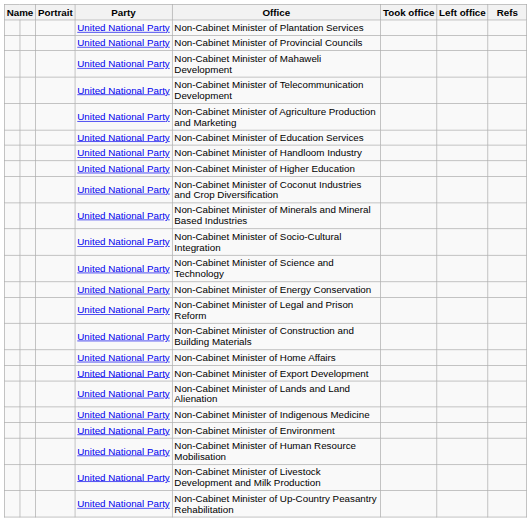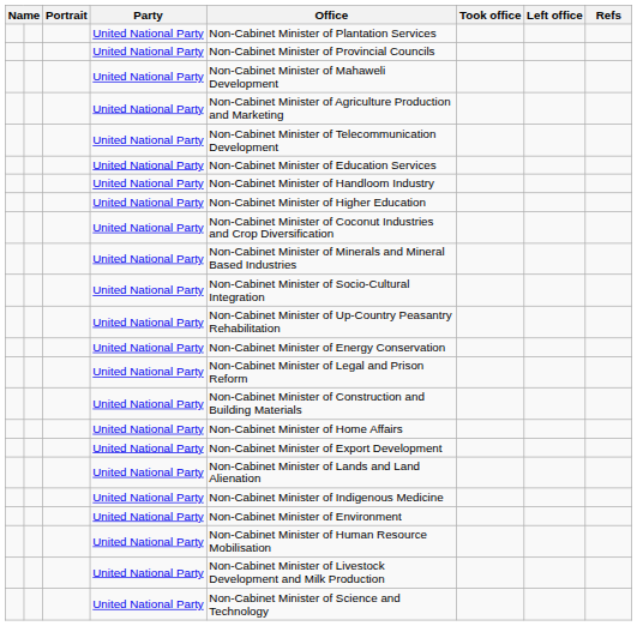 <table class="wikitable plainrowheaders sortable" style="font-size:90%; text-align:left;">
 <tr>
 <th scope=col colspan="2">Name</th>
 <th scope=col class=unsortable>Portrait</th>
 <th scope=col>Party</th>
 <th scope=col width=300px>Office</th>
 <th scope=col>Took office</th>
 <th scope=col>Left office</th>
 <th scope=col width=50px class=unsortable>Refs</th>
 </tr>
 <tr>
 <td !align="center" style="background:"></td>
 <td></td>
 <td align=center></td>
 <td><a href='#'>United National Party</a></td>
 <td>Non-Cabinet Minister of Plantation Services</td>
 <td align=center></td>
 <td></td>
 <td align=center></td>
 </tr>
 <tr>
 <td !align="center" style="background:"></td>
 <td></td>
 <td align=center></td>
 <td><a href='#'>United National Party</a></td>
 <td>Non-Cabinet Minister of Provincial Councils</td>
 <td align=center></td>
 <td></td>
 <td align=center></td>
 </tr>
 <tr>
 <td !align="center" style="background:"></td>
 <td></td>
 <td align=center></td>
 <td><a href='#'>United National Party</a></td>
 <td>Non-Cabinet Minister of Mahaweli Development</td>
 <td align=center></td>
 <td align=center></td>
 <td align=center></td>
 </tr>
 <tr>
 <td !align="center" style="background:"></td>
 <td></td>
 <td align=center></td>
 <td><a href='#'>United National Party</a></td>
-<td>Non-Cabinet Minister of Telecommunication Development</td>
+<td>Non-Cabinet Minister of Agriculture Production and Marketing</td>
 <td align=center></td>
 <td></td>
 <td align=center></td>
 </tr>
 <tr>
 <td !align="center" style="background:"></td>
 <td></td>
 <td align=center></td>
 <td><a href='#'>United National Party</a></td>
-<td>Non-Cabinet Minister of Agriculture Production and Marketing</td>
+<td>Non-Cabinet Minister of Telecommunication Development</td>
 <td align=center></td>
 <td></td>
 <td align=center></td>
 </tr>
 <tr>
 <td !align="center" style="background:"></td>
 <td></td>
 <td align=center></td>
 <td><a href='#'>United National Party</a></td>
 <td>Non-Cabinet Minister of Education Services</td>
 <td align=center></td>
 <td></td>
 <td align=center></td>
 </tr>
 <tr>
 <td !align="center" style="background:"></td>
 <td></td>
 <td align=center></td>
 <td><a href='#'>United National Party</a></td>
 <td>Non-Cabinet Minister of Handloom Industry</td>
 <td align=center></td>
 <td></td>
 <td align=center></td>
 </tr>
 <tr>
 <td !align="center" style="background:"></td>
 <td></td>
 <td align=center></td>
 <td><a href='#'>United National Party</a></td>
 <td>Non-Cabinet Minister of Higher Education</td>
 <td align=center></td>
 <td></td>
 <td align=center></td>
 </tr>
 <tr>
 <td !align="center" style="background:"></td>
 <td></td>
 <td align=center></td>
 <td><a href='#'>United National Party</a></td>
 <td>Non-Cabinet Minister of Coconut Industries and Crop Diversification</td>
 <td align=center></td>
 <td></td>
 <td align=center></td>
 </tr>
 <tr>
 <td !align="center" style="background:"></td>
 <td></td>
 <td align=center></td>
 <td><a href='#'>United National Party</a></td>
 <td>Non-Cabinet Minister of Minerals and Mineral Based Industries</td>
 <td align=center></td>
 <td></td>
 <td align=center></td>
 </tr>
 <tr>
 <td !align="center" style="background:"></td>
 <td></td>
 <td align=center></td>
 <td><a href='#'>United National Party</a></td>
 <td>Non-Cabinet Minister of Socio-Cultural Integration</td>
 <td align=center></td>
 <td></td>
 <td align=center></td>
 </tr>
 <tr>
 <td !align="center" style="background:"></td>
 <td></td>
 <td align=center></td>
 <td><a href='#'>United National Party</a></td>
-<td>Non-Cabinet Minister of Science and Technology</td>
+<td>Non-Cabinet Minister of Up-Country Peasantry Rehabilitation</td>
 <td align=center></td>
 <td></td>
 <td align=center></td>
 </tr>
 <tr>
 <td !align="center" style="background:"></td>
 <td></td>
 <td align=center></td>
 <td><a href='#'>United National Party</a></td>
 <td>Non-Cabinet Minister of Energy Conservation</td>
 <td align=center></td>
 <td></td>
 <td align=center></td>
 </tr>
 <tr>
 <td !align="center" style="background:"></td>
 <td></td>
 <td align=center></td>
 <td><a href='#'>United National Party</a></td>
 <td>Non-Cabinet Minister of Legal and Prison Reform</td>
 <td align=center></td>
 <td></td>
 <td align=center></td>
 </tr>
 <tr>
 <td !align="center" style="background:"></td>
 <td></td>
 <td align=center></td>
 <td><a href='#'>United National Party</a></td>
 <td>Non-Cabinet Minister of Construction and Building Materials</td>
 <td align=center></td>
 <td></td>
 <td align=center></td>
 </tr>
 <tr>
 <td !align="center" style="background:"></td>
 <td></td>
 <td align=center></td>
 <td><a href='#'>United National Party</a></td>
 <td>Non-Cabinet Minister of Home Affairs</td>
 <td align=center></td>
 <td></td>
 <td align=center></td>
 </tr>
 <tr>
 <td !align="center" style="background:"></td>
 <td></td>
 <td align=center></td>
 <td><a href='#'>United National Party</a></td>
 <td>Non-Cabinet Minister of Export Development</td>
 <td align=center></td>
 <td></td>
 <td align=center></td>
 </tr>
 <tr>
 <td !align="center" style="background:"></td>
 <td></td>
 <td align=center></td>
 <td><a href='#'>United National Party</a></td>
 <td>Non-Cabinet Minister of Lands and Land Alienation</td>
 <td align=center></td>
 <td></td>
 <td align=center></td>
 </tr>
 <tr>
 <td !align="center" style="background:"></td>
 <td></td>
 <td align=center></td>
 <td><a href='#'>United National Party</a></td>
 <td>Non-Cabinet Minister of Indigenous Medicine</td>
 <td align=center></td>
 <td></td>
 <td align=center></td>
 </tr>
 <tr>
 <td !align="center" style="background:"></td>
 <td></td>
 <td align=center></td>
 <td><a href='#'>United National Party</a></td>
 <td>Non-Cabinet Minister of Environment</td>
 <td align=center></td>
 <td align=center></td>
 <td align=center></td>
 </tr>
 <tr>
 <td !align="center" style="background:"></td>
 <td></td>
 <td align=center></td>
 <td><a href='#'>United National Party</a></td>
 <td>Non-Cabinet Minister of Human Resource Mobilisation</td>
 <td align=center></td>
 <td></td>
 <td align=center></td>
 </tr>
 <tr>
 <td !align="center" style="background:"></td>
 <td></td>
 <td align=center></td>
 <td><a href='#'>United National Party</a></td>
 <td>Non-Cabinet Minister of Livestock Development and Milk Production</td>
 <td align=center></td>
 <td></td>
 <td align=center></td>
 </tr>
 <tr>
 <td !align="center" style="background:"></td>
 <td></td>
 <td align=center></td>
 <td><a href='#'>United National Party</a></td>
-<td>Non-Cabinet Minister of Up-Country Peasantry Rehabilitation</td>
+<td>Non-Cabinet Minister of Science and Technology</td>
 <td align=center></td>
 <td align=center></td>
 <td align=center></td>
 </tr>
 </table>
